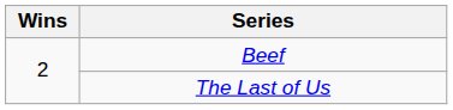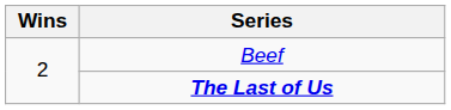 <table class="wikitable" rowspan=2 border=2 style="text-align:center;">
 <tr>
 <th scope="col" width="50">Wins</th>
 <th scope="col" width="275">Series</th>
 </tr>
 <tr>
 <td rowspan="2">2</td>
 <td><em><a href='#'>Beef</a></em></td>
 </tr>
 <tr>
-<td><em><a href='#'>The Last of Us</a></em></td>
+<td><strong><em><a href='#'>The Last of Us</a></em></strong></td>
 </tr>
 </table>
